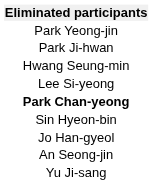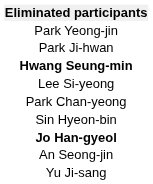 <table class="toccolours" align="right" style="margin:0 0 1em 1em;font-size:100%;text-align:center;background:transparent;">
 <tr style="border-bottom:solid 3px;">
 <th colspan="2" bgcolor="#f0f0f0">Eliminated participants</th>
 </tr>
 <tr align="center">
 <td>Park Yeong-jin</td>
 </tr>
 <tr align=center>
 <td>Park Ji-hwan</td>
 </tr>
 <tr align=center>
-<td>Hwang Seung-min</td>
+<td><strong>Hwang Seung-min</strong></td>
 </tr>
 <tr align=center>
 <td>Lee Si-yeong</td>
 </tr>
 <tr align=center>
-<td><strong>Park Chan-yeong</strong></td>
+<td>Park Chan-yeong</td>
 </tr>
 <tr align=center>
 <td>Sin Hyeon-bin</td>
 </tr>
 <tr align=center>
-<td>Jo Han-gyeol</td>
+<td><strong>Jo Han-gyeol</strong></td>
 </tr>
 <tr align=center>
 <td>An Seong-jin</td>
 </tr>
 <tr align=center>
 <td>Yu Ji-sang</td>
 </tr>
 </table>
